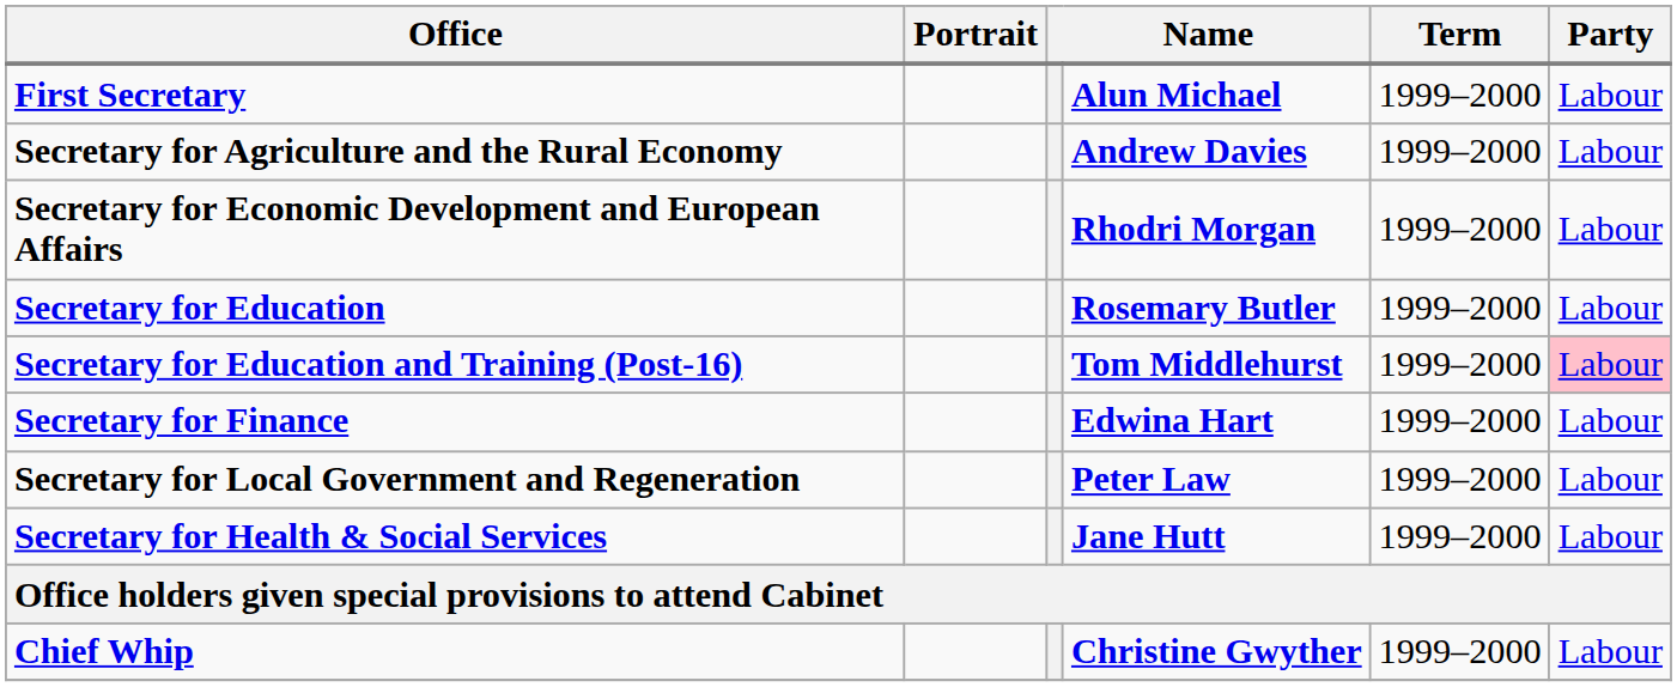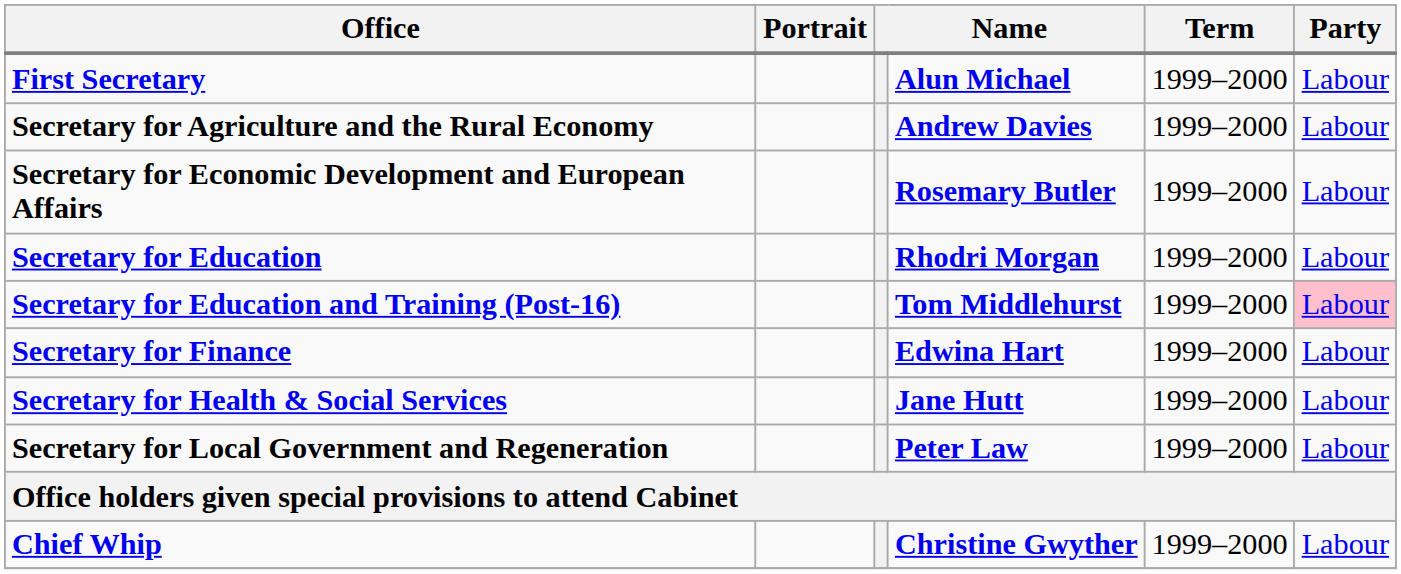 <table class="wikitable">
 <tr style="border-bottom: 2px solid gray;">
 <th style="width: 390px">Office</th>
 <th>Portrait</th>
 <th colspan="2">Name</th>
 <th>Term</th>
 <th>Party</th>
 </tr>
 <tr>
 <td><strong><a href='#'>First Secretary</a></strong></td>
 <td></td>
 <th style="background-color: "></th>
 <td><strong><a href='#'>Alun Michael</a></strong></td>
 <td>1999–2000</td>
 <td><a href='#'>Labour</a></td>
 </tr>
 <tr>
 <td><strong>Secretary for Agriculture and the Rural Economy</strong></td>
 <td></td>
 <th style="background-color: "></th>
 <td><strong><a href='#'>Andrew Davies</a></strong></td>
 <td>1999–2000</td>
 <td><a href='#'>Labour</a></td>
 </tr>
 <tr>
 <td><strong>Secretary for Economic Development and European Affairs</strong></td>
 <td></td>
 <th style="background-color: "></th>
-<td><strong><a href='#'>Rhodri Morgan</a></strong></td>
+<td><strong><a href='#'>Rosemary Butler</a></strong></td>
 <td>1999–2000</td>
 <td><a href='#'>Labour</a></td>
 </tr>
 <tr>
 <td><strong><a href='#'>Secretary for Education</a></strong></td>
 <td></td>
 <th style="background-color: "></th>
-<td><strong><a href='#'>Rosemary Butler</a></strong></td>
+<td><strong><a href='#'>Rhodri Morgan</a></strong></td>
 <td>1999–2000</td>
 <td><a href='#'>Labour</a></td>
 </tr>
 <tr>
 <td><strong><a href='#'>Secretary for Education and Training (Post-16)</a></strong></td>
 <td></td>
 <th style="background-color: "></th>
 <td><strong><a href='#'>Tom Middlehurst</a></strong></td>
 <td>1999–2000</td>
 <td style="background: pink;"><a href='#'>Labour</a></td>
 </tr>
 <tr>
 <td><strong><a href='#'>Secretary for Finance</a></strong></td>
 <td></td>
 <th style="background-color: "></th>
 <td><strong><a href='#'>Edwina Hart</a></strong></td>
 <td>1999–2000</td>
 <td><a href='#'>Labour</a></td>
 </tr>
 <tr>
+<td><strong><a href='#'>Secretary for Health & Social Services</a></strong></td>
+<td></td>
+<th style="background-color: "></th>
+<td><strong><a href='#'>Jane Hutt</a></strong></td>
+<td>1999–2000</td>
+<td><a href='#'>Labour</a></td>
+</tr>
+<tr>
 <td><strong>Secretary for Local Government and Regeneration</strong></td>
 <td></td>
 <th style="background-color: "></th>
 <td><strong><a href='#'>Peter Law</a></strong></td>
-<td>1999–2000</td>
-<td><a href='#'>Labour</a></td>
-</tr>
-<tr>
-<td><strong><a href='#'>Secretary for Health & Social Services</a></strong></td>
-<td></td>
-<th style="background-color: "></th>
-<td><strong><a href='#'>Jane Hutt</a></strong></td>
 <td>1999–2000</td>
 <td><a href='#'>Labour</a></td>
 </tr>
 <tr>
 <th colspan="6" style="text-align:left">Office holders given special provisions to attend Cabinet</th>
 </tr>
 <tr>
 <td><strong><a href='#'>Chief Whip</a></strong></td>
 <td></td>
 <th style="background-color: "></th>
 <td><strong><a href='#'>Christine Gwyther</a></strong></td>
 <td>1999–2000</td>
 <td><a href='#'>Labour</a></td>
 </tr>
 <tr>
 </tr>
 </table>
